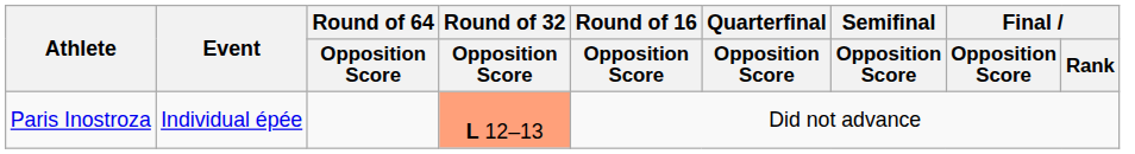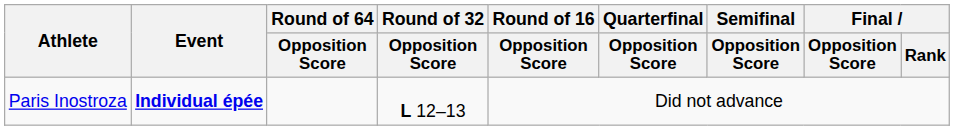 <table class="wikitable" style="font-size:90%">
 <tr>
 <th rowspan="2">Athlete</th>
 <th rowspan="2">Event</th>
 <th>Round of 64</th>
 <th>Round of 32</th>
 <th>Round of 16</th>
 <th>Quarterfinal</th>
 <th>Semifinal</th>
 <th colspan=2>Final / </th>
 </tr>
 <tr style="font-size:95%">
 <th>Opposition <br> Score</th>
 <th>Opposition <br> Score</th>
 <th>Opposition <br> Score</th>
 <th>Opposition <br> Score</th>
 <th>Opposition <br> Score</th>
 <th>Opposition <br> Score</th>
 <th>Rank</th>
 </tr>
 <tr align=center>
 <td align=left><a href='#'>Paris Inostroza</a></td>
-<td align=left><a href='#'>Individual épée</a></td>
+<td align=left><strong><a href='#'>Individual épée</a></strong></td>
 <td></td>
-<td style="background: lightsalmon;"><br><strong>L</strong> 12–13</td>
+<td><br><strong>L</strong> 12–13</td>
 <td colspan=5>Did not advance</td>
 </tr>
 </table>
